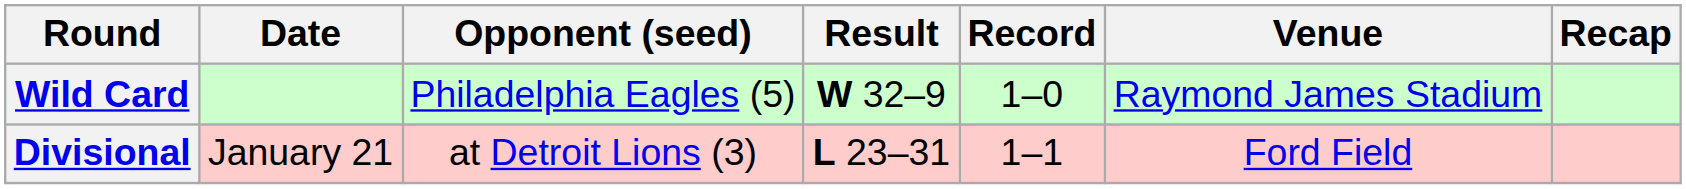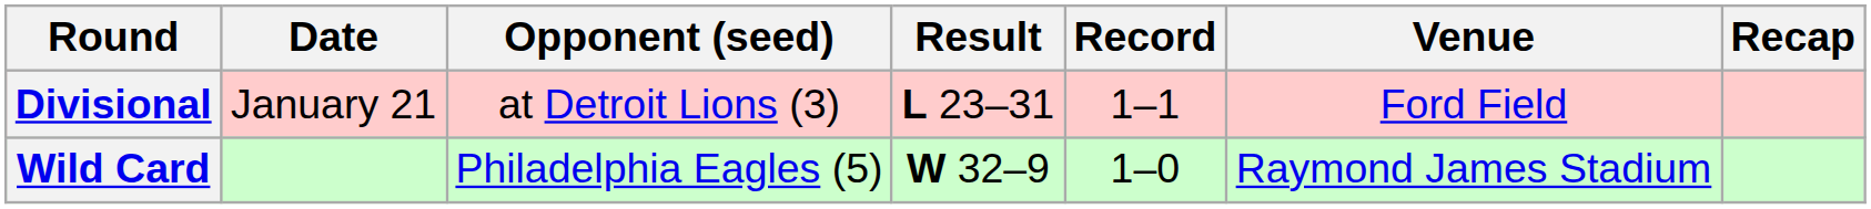 <table class="wikitable" style="text-align:center">
 <tr>
 <th>Round</th>
 <th>Date</th>
 <th>Opponent (seed)</th>
 <th>Result</th>
 <th>Record</th>
 <th>Venue</th>
 <th>Recap</th>
 </tr>
+<tr style="background:#fcc">
+<th><a href='#'>Divisional</a></th>
+<td>January 21</td>
+<td>at <a href='#'>Detroit Lions</a> (3)</td>
+<td><strong>L</strong> 23–31</td>
+<td>1–1</td>
+<td><a href='#'>Ford Field</a></td>
+<td></td>
+</tr>
 <tr style="background:#cfc">
 <th><a href='#'>Wild Card</a></th>
 <td></td>
 <td><a href='#'>Philadelphia Eagles</a> (5)</td>
 <td><strong>W</strong> 32–9</td>
 <td>1–0</td>
 <td><a href='#'>Raymond James Stadium</a></td>
 <td></td>
 </tr>
-<tr style="background:#fcc">
-<th><a href='#'>Divisional</a></th>
-<td>January 21</td>
-<td>at <a href='#'>Detroit Lions</a> (3)</td>
-<td><strong>L</strong> 23–31</td>
-<td>1–1</td>
-<td><a href='#'>Ford Field</a></td>
-<td></td>
-</tr>
 </table>
